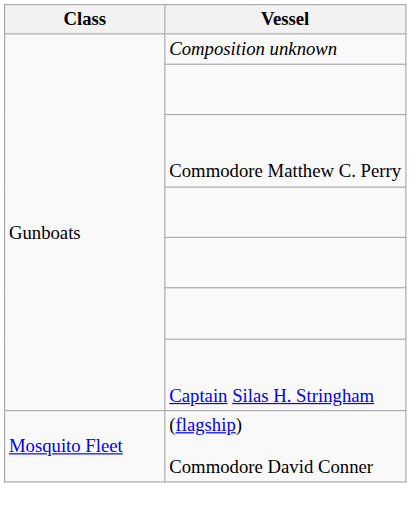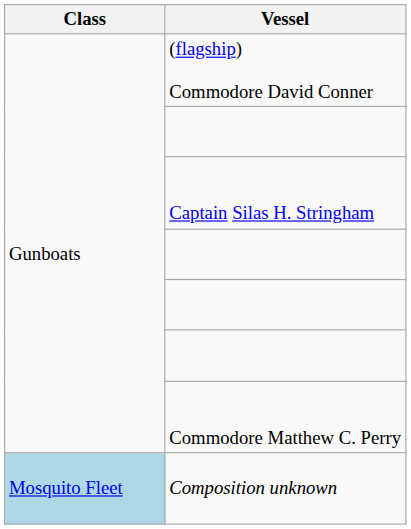 <table class="wikitable">
 <tr>
 <th width=40%>Class</th>
 <th width=60%>Vessel</th>
 </tr>
 <tr>
 <td rowspan=7><br>Gunboats</td>
-<td><em>Composition unknown</em></td>
+<td> (<a href='#'>flagship</a>)<br>  <br>Commodore David Conner</td>
 </tr>
 <tr>
 <td><br>  </td>
 </tr>
 <tr>
-<td><br>  <br>Commodore Matthew C. Perry</td>
+<td><br>  <br><a href='#'>Captain</a> <a href='#'>Silas H. Stringham</a></td>
 </tr>
 <tr>
 <td><br>  </td>
 </tr>
 <tr>
 <td><br>  </td>
 </tr>
 <tr>
 <td><br>  </td>
 </tr>
 <tr>
-<td><br>  <br><a href='#'>Captain</a> <a href='#'>Silas H. Stringham</a></td>
+<td><br>  <br>Commodore Matthew C. Perry</td>
 </tr>
 <tr>
-<td rowspan=1><br><a href='#'>Mosquito Fleet</a><br>   </td>
-<td> (<a href='#'>flagship</a>)<br>  <br>Commodore David Conner</td>
+<td rowspan=1 style="background: lightblue;"><br><a href='#'>Mosquito Fleet</a><br>   </td>
+<td><em>Composition unknown</em></td>
 </tr>
 </table>
